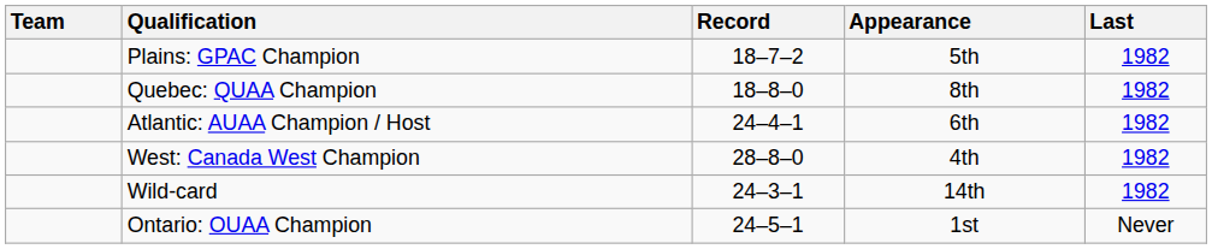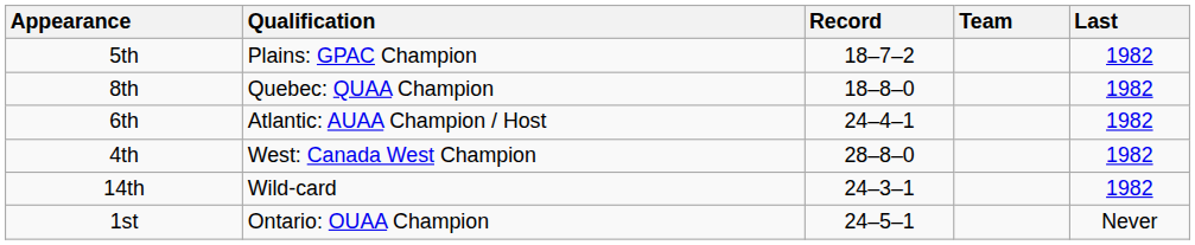 <table class="wikitable sortable" style="text-align: center;" width=900>
 <tr style="background:#efefef; text-align:center">
-<th style="text-align:left">Team</th>
+<th style="text-align:left">Appearance</th>
 <th style="text-align:left">Qualification</th>
 <th style="text-align:left">Record</th>
-<th style="text-align:left">Appearance</th>
+<th style="text-align:left">Team</th>
 <th style="text-align:left">Last</th>
 </tr>
 <tr style="text-align:center">
-<td style="text-align:left; "><a href='#'></a></td>
+<td style="text-align:center">5th</td>
 <td style="text-align:left">Plains: <a href='#'>GPAC</a> Champion</td>
 <td style="text-align:center">18–7–2</td>
-<td style="text-align:center">5th</td>
+<td style="text-align:left; "><a href='#'></a></td>
 <td style="text-align:center"><a href='#'>1982</a></td>
 </tr>
 <tr style="text-align:center">
-<td style="text-align:left; "><a href='#'></a></td>
+<td style="text-align:center">8th</td>
 <td style="text-align:left">Quebec: <a href='#'>QUAA</a> Champion</td>
 <td style="text-align:center">18–8–0</td>
-<td style="text-align:center">8th</td>
+<td style="text-align:left; "><a href='#'></a></td>
 <td style="text-align:center"><a href='#'>1982</a></td>
 </tr>
 <tr style="text-align:center">
-<td style="text-align:left; "><a href='#'></a></td>
+<td style="text-align:center">6th</td>
 <td style="text-align:left">Atlantic: <a href='#'>AUAA</a> Champion / Host</td>
 <td style="text-align:center">24–4–1</td>
-<td style="text-align:center">6th</td>
+<td style="text-align:left; "><a href='#'></a></td>
 <td style="text-align:center"><a href='#'>1982</a></td>
 </tr>
 <tr style="text-align:center">
-<td style="text-align:left; "><a href='#'></a></td>
+<td style="text-align:center">4th</td>
 <td style="text-align:left">West: <a href='#'>Canada West</a> Champion</td>
 <td style="text-align:center">28–8–0</td>
-<td style="text-align:center">4th</td>
+<td style="text-align:left; "><a href='#'></a></td>
 <td style="text-align:center"><a href='#'>1982</a></td>
 </tr>
 <tr style="text-align:center">
-<td style="text-align:left; "><a href='#'></a></td>
+<td style="text-align:center">14th</td>
 <td style="text-align:left">Wild-card</td>
 <td style="text-align:center">24–3–1</td>
-<td style="text-align:center">14th</td>
+<td style="text-align:left; "><a href='#'></a></td>
 <td style="text-align:center"><a href='#'>1982</a></td>
 </tr>
 <tr style="text-align:center">
-<td style="text-align:left; "><a href='#'></a></td>
+<td style="text-align:center">1st</td>
 <td style="text-align:left">Ontario: <a href='#'>OUAA</a> Champion</td>
 <td style="text-align:center">24–5–1</td>
-<td style="text-align:center">1st</td>
+<td style="text-align:left; "><a href='#'></a></td>
 <td style="text-align:center">Never</td>
 </tr>
 </table>
